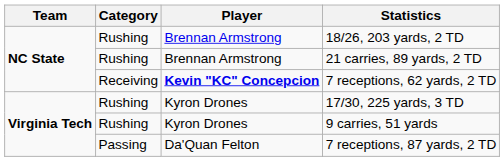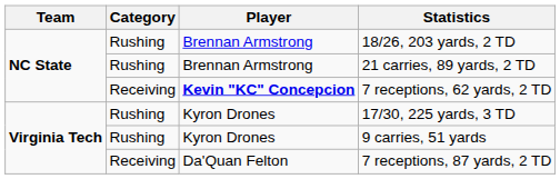 <table class="wikitable" style="float: right;">
 <tr>
 <th>Team</th>
 <th>Category</th>
 <th>Player</th>
 <th>Statistics</th>
 </tr>
 <tr>
 <td rowspan=3><strong>NC State</strong></td>
 <td>Rushing</td>
 <td><a href='#'>Brennan Armstrong</a></td>
 <td>18/26, 203 yards, 2 TD</td>
 </tr>
 <tr>
 <td>Rushing</td>
 <td>Brennan Armstrong</td>
 <td>21 carries, 89 yards, 2 TD</td>
 </tr>
 <tr>
 <td>Receiving</td>
 <td><strong><a href='#'>Kevin "KC" Concepcion</a></strong></td>
 <td>7 receptions, 62 yards, 2 TD</td>
 </tr>
 <tr>
 <td rowspan=3><strong>Virginia Tech</strong></td>
 <td>Rushing</td>
 <td>Kyron Drones</td>
 <td>17/30, 225 yards, 3 TD</td>
 </tr>
 <tr>
 <td>Rushing</td>
 <td>Kyron Drones</td>
 <td>9 carries, 51 yards</td>
 </tr>
 <tr>
-<td>Passing</td>
+<td>Receiving</td>
 <td>Da'Quan Felton</td>
 <td>7 receptions, 87 yards, 2 TD</td>
 </tr>
 </table>
